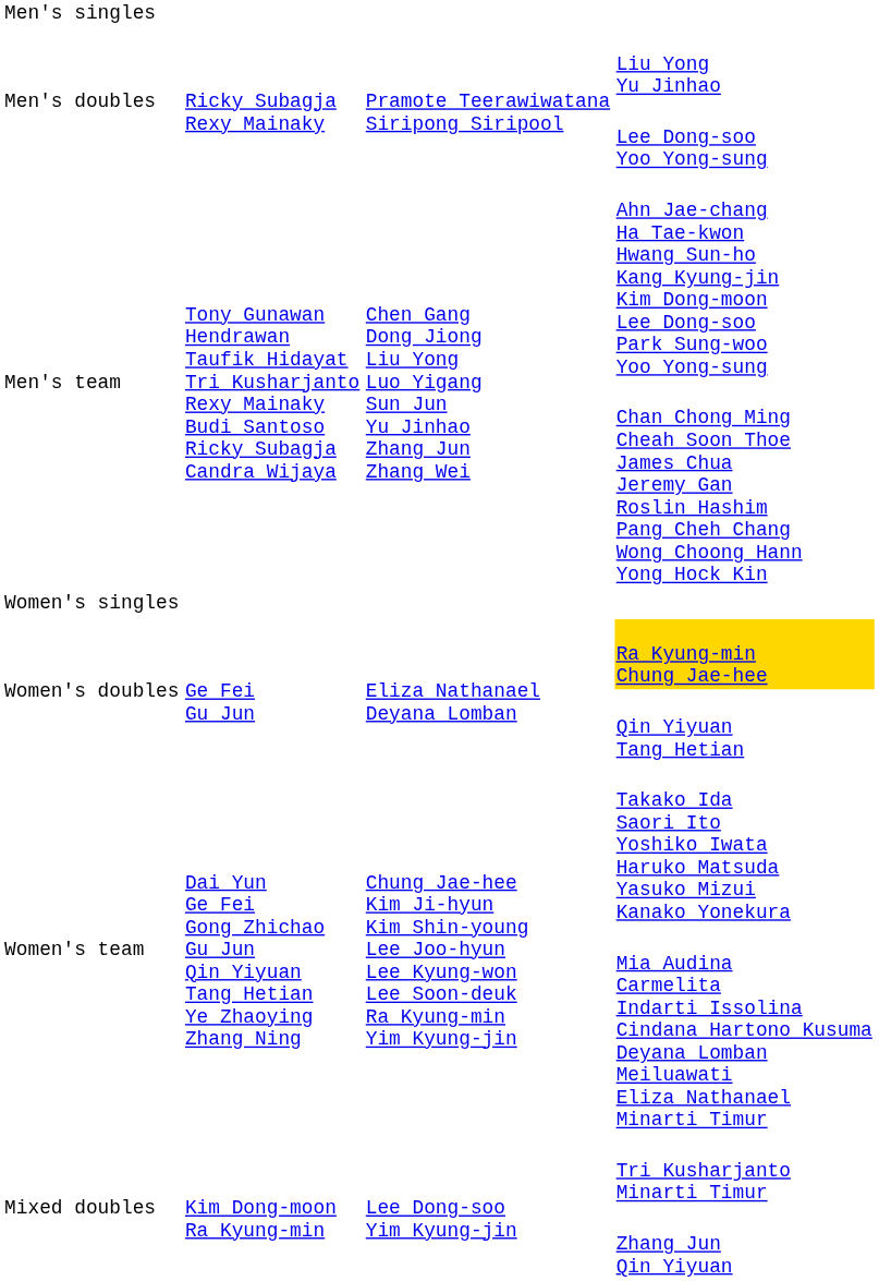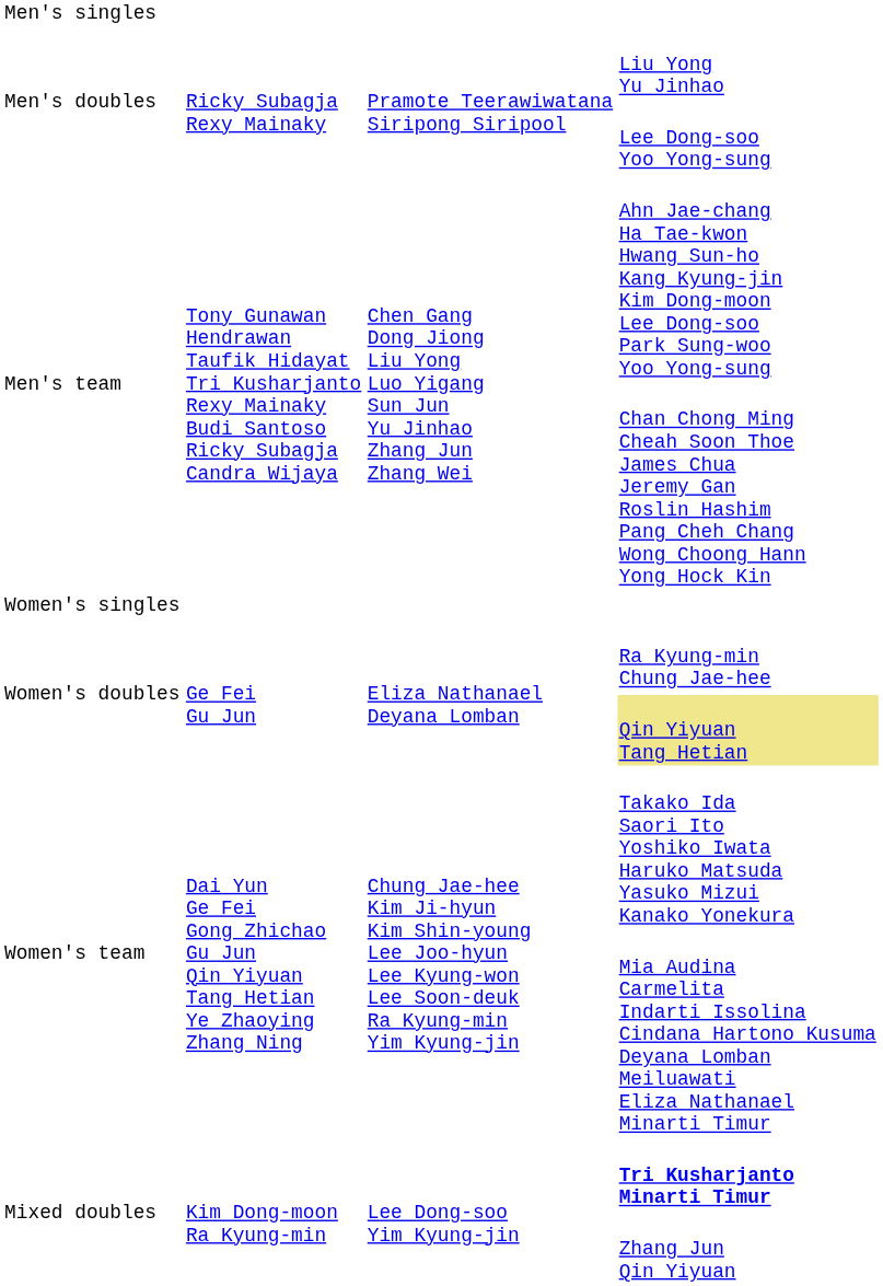 <table>
 <tr>
 <td rowspan=2>Men's singles<br></td>
 <td rowspan=2></td>
 <td rowspan=2></td>
 <td></td>
 </tr>
 <tr>
 <td></td>
 </tr>
 <tr>
 <td rowspan=2>Men's doubles<br></td>
 <td rowspan=2><br><a href='#'>Ricky Subagja</a><br><a href='#'>Rexy Mainaky</a></td>
 <td rowspan=2><br><a href='#'>Pramote Teerawiwatana</a><br><a href='#'>Siripong Siripool</a></td>
 <td><br><a href='#'>Liu Yong</a><br><a href='#'>Yu Jinhao</a></td>
 </tr>
 <tr>
 <td><br><a href='#'>Lee Dong-soo</a><br><a href='#'>Yoo Yong-sung</a></td>
 </tr>
 <tr>
 <td rowspan=2>Men's team<br></td>
 <td rowspan=2><br><a href='#'>Tony Gunawan</a><br><a href='#'>Hendrawan</a><br><a href='#'>Taufik Hidayat</a><br><a href='#'>Tri Kusharjanto</a><br><a href='#'>Rexy Mainaky</a><br><a href='#'>Budi Santoso</a><br><a href='#'>Ricky Subagja</a><br><a href='#'>Candra Wijaya</a></td>
 <td rowspan=2><br><a href='#'>Chen Gang</a><br><a href='#'>Dong Jiong</a><br><a href='#'>Liu Yong</a><br><a href='#'>Luo Yigang</a><br><a href='#'>Sun Jun</a><br><a href='#'>Yu Jinhao</a><br><a href='#'>Zhang Jun</a><br><a href='#'>Zhang Wei</a></td>
 <td><br><a href='#'>Ahn Jae-chang</a><br><a href='#'>Ha Tae-kwon</a><br><a href='#'>Hwang Sun-ho</a><br><a href='#'>Kang Kyung-jin</a><br><a href='#'>Kim Dong-moon</a><br><a href='#'>Lee Dong-soo</a><br><a href='#'>Park Sung-woo</a><br><a href='#'>Yoo Yong-sung</a></td>
 </tr>
 <tr>
 <td><br><a href='#'>Chan Chong Ming</a><br><a href='#'>Cheah Soon Thoe</a><br><a href='#'>James Chua</a><br><a href='#'>Jeremy Gan</a><br><a href='#'>Roslin Hashim</a><br><a href='#'>Pang Cheh Chang</a><br><a href='#'>Wong Choong Hann</a><br><a href='#'>Yong Hock Kin</a></td>
 </tr>
 <tr>
 <td rowspan=2>Women's singles<br></td>
 <td rowspan=2></td>
 <td rowspan=2></td>
 <td></td>
 </tr>
 <tr>
 <td></td>
 </tr>
 <tr>
 <td rowspan=2>Women's doubles<br></td>
 <td rowspan=2><br><a href='#'>Ge Fei</a><br><a href='#'>Gu Jun</a></td>
 <td rowspan=2><br><a href='#'>Eliza Nathanael</a><br><a href='#'>Deyana Lomban</a></td>
-<td style="background: gold;"><br><a href='#'>Ra Kyung-min</a><br><a href='#'>Chung Jae-hee</a></td>
+<td><br><a href='#'>Ra Kyung-min</a><br><a href='#'>Chung Jae-hee</a></td>
 </tr>
 <tr>
-<td><br><a href='#'>Qin Yiyuan</a><br><a href='#'>Tang Hetian</a></td>
+<td style="background: khaki;"><br><a href='#'>Qin Yiyuan</a><br><a href='#'>Tang Hetian</a></td>
 </tr>
 <tr>
 <td rowspan=2>Women's team<br></td>
 <td rowspan=2><br><a href='#'>Dai Yun</a><br><a href='#'>Ge Fei</a><br><a href='#'>Gong Zhichao</a><br><a href='#'>Gu Jun</a><br><a href='#'>Qin Yiyuan</a><br><a href='#'>Tang Hetian</a><br><a href='#'>Ye Zhaoying</a><br><a href='#'>Zhang Ning</a></td>
 <td rowspan=2><br><a href='#'>Chung Jae-hee</a><br><a href='#'>Kim Ji-hyun</a><br><a href='#'>Kim Shin-young</a><br><a href='#'>Lee Joo-hyun</a><br><a href='#'>Lee Kyung-won</a><br><a href='#'>Lee Soon-deuk</a><br><a href='#'>Ra Kyung-min</a><br><a href='#'>Yim Kyung-jin</a></td>
 <td><br><a href='#'>Takako Ida</a><br><a href='#'>Saori Ito</a><br><a href='#'>Yoshiko Iwata</a><br><a href='#'>Haruko Matsuda</a><br><a href='#'>Yasuko Mizui</a><br><a href='#'>Kanako Yonekura</a></td>
 </tr>
 <tr>
 <td><br><a href='#'>Mia Audina</a><br><a href='#'>Carmelita</a><br><a href='#'>Indarti Issolina</a><br><a href='#'>Cindana Hartono Kusuma</a><br><a href='#'>Deyana Lomban</a><br><a href='#'>Meiluawati</a><br><a href='#'>Eliza Nathanael</a><br><a href='#'>Minarti Timur</a></td>
 </tr>
 <tr>
 <td rowspan=2>Mixed doubles<br></td>
 <td rowspan=2><br><a href='#'>Kim Dong-moon</a><br><a href='#'>Ra Kyung-min</a></td>
 <td rowspan=2><br><a href='#'>Lee Dong-soo</a><br><a href='#'>Yim Kyung-jin</a></td>
-<td><br><a href='#'>Tri Kusharjanto</a><br><a href='#'>Minarti Timur</a></td>
+<td><strong><br><a href='#'>Tri Kusharjanto</a><br><a href='#'>Minarti Timur</a></strong></td>
 </tr>
 <tr>
 <td><br><a href='#'>Zhang Jun</a><br><a href='#'>Qin Yiyuan</a></td>
 </tr>
 </table>
